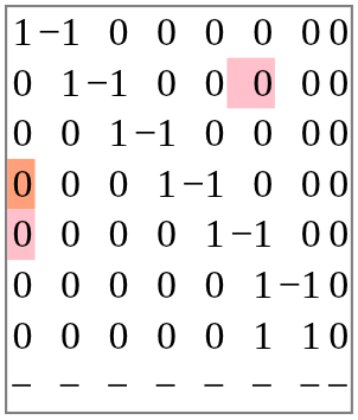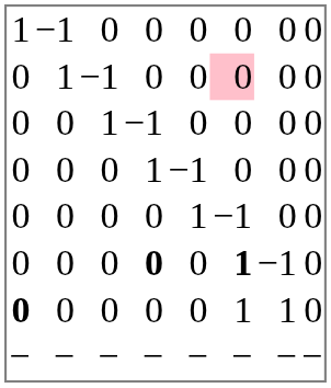 <table style="text-align: right; border: 1px gray solid" cellspacing=0>
 <tr>
 <td>1</td>
 <td>−1</td>
 <td>0</td>
 <td>0</td>
 <td>0</td>
 <td>0</td>
 <td>0</td>
 <td>0</td>
 </tr>
 <tr>
 <td>0</td>
 <td>1</td>
 <td>−1</td>
 <td>0</td>
 <td>0</td>
 <td style="background: pink;">0</td>
 <td>0</td>
 <td>0</td>
 </tr>
 <tr>
 <td>0</td>
 <td>0</td>
 <td>1</td>
 <td>−1</td>
 <td>0</td>
 <td>0</td>
 <td>0</td>
 <td>0</td>
 </tr>
 <tr>
-<td style="background: lightsalmon;">0</td>
+<td>0</td>
 <td>0</td>
 <td>0</td>
 <td>1</td>
 <td>−1</td>
 <td>0</td>
 <td>0</td>
 <td>0</td>
 </tr>
 <tr>
-<td style="background: pink;">0</td>
+<td>0</td>
 <td>0</td>
 <td>0</td>
 <td>0</td>
 <td>1</td>
 <td>−1</td>
 <td>0</td>
 <td>0</td>
 </tr>
 <tr>
 <td>0</td>
 <td>0</td>
 <td>0</td>
+<td><strong>0</strong></td>
 <td>0</td>
-<td>0</td>
-<td>1</td>
+<td><strong>1</strong></td>
 <td>−1</td>
 <td>0</td>
 </tr>
 <tr>
-<td>0</td>
+<td><strong>0</strong></td>
 <td>0</td>
 <td>0</td>
 <td>0</td>
 <td>0</td>
 <td>1</td>
 <td>1</td>
 <td>0</td>
 </tr>
 <tr>
 <td>−</td>
 <td>−</td>
 <td>−</td>
 <td>−</td>
 <td>−</td>
 <td>−</td>
 <td>−</td>
 <td>−</td>
 </tr>
 </table>
